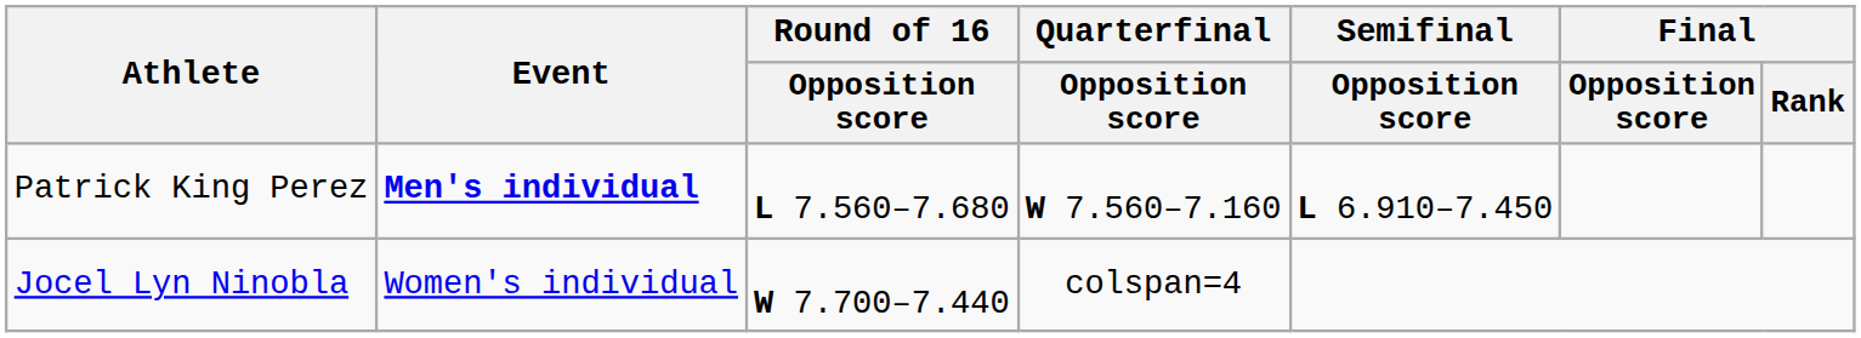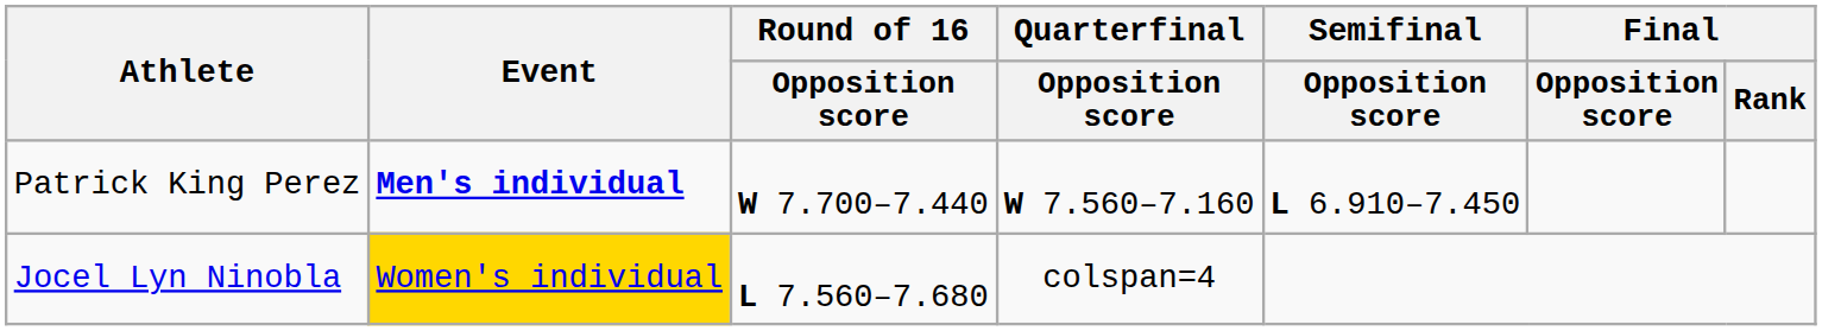 <table class=wikitable style="font-size:90%; text-align:center">
 <tr>
 <th rowspan=2>Athlete</th>
 <th rowspan=2>Event</th>
 <th>Round of 16</th>
 <th>Quarterfinal</th>
 <th>Semifinal</th>
 <th colspan=2>Final</th>
 </tr>
 <tr style=font-size:95%>
 <th>Opposition<br>score</th>
 <th>Opposition<br>score</th>
 <th>Opposition<br>score</th>
 <th>Opposition<br>score</th>
 <th>Rank</th>
 </tr>
 <tr>
 <td align=left>Patrick King Perez</td>
 <td align=left><strong><a href='#'>Men's individual</a></strong></td>
-<td><br><strong>L</strong> 7.560–7.680</td>
+<td><br><strong>W</strong> 7.700–7.440</td>
 <td><br><strong>W</strong> 7.560–7.160</td>
 <td><br><strong>L</strong> 6.910–7.450</td>
 <td></td>
 <td></td>
 </tr>
 <tr>
 <td align=left><a href='#'>Jocel Lyn Ninobla</a></td>
-<td align=left><a href='#'>Women's individual</a></td>
-<td><br><strong>W</strong> 7.700–7.440</td>
+<td align=left style="background: gold;"><a href='#'>Women's individual</a></td>
+<td><br><strong>L</strong> 7.560–7.680</td>
 <td>colspan=4 </td>
 </tr>
 </table>
